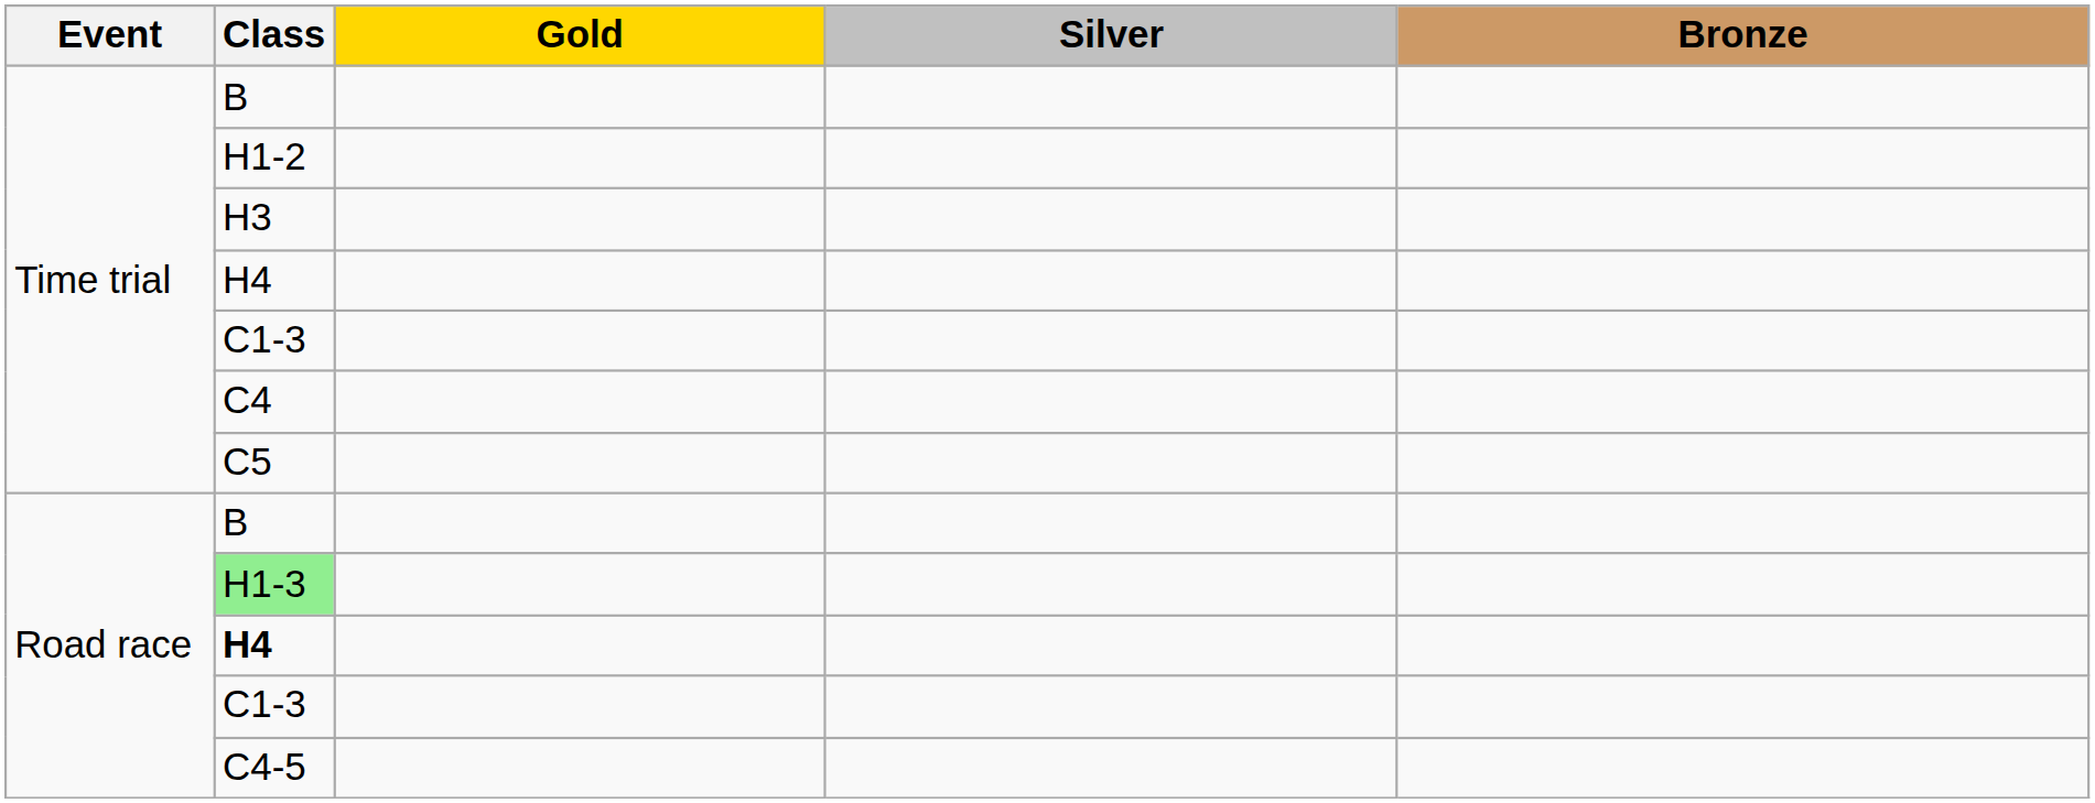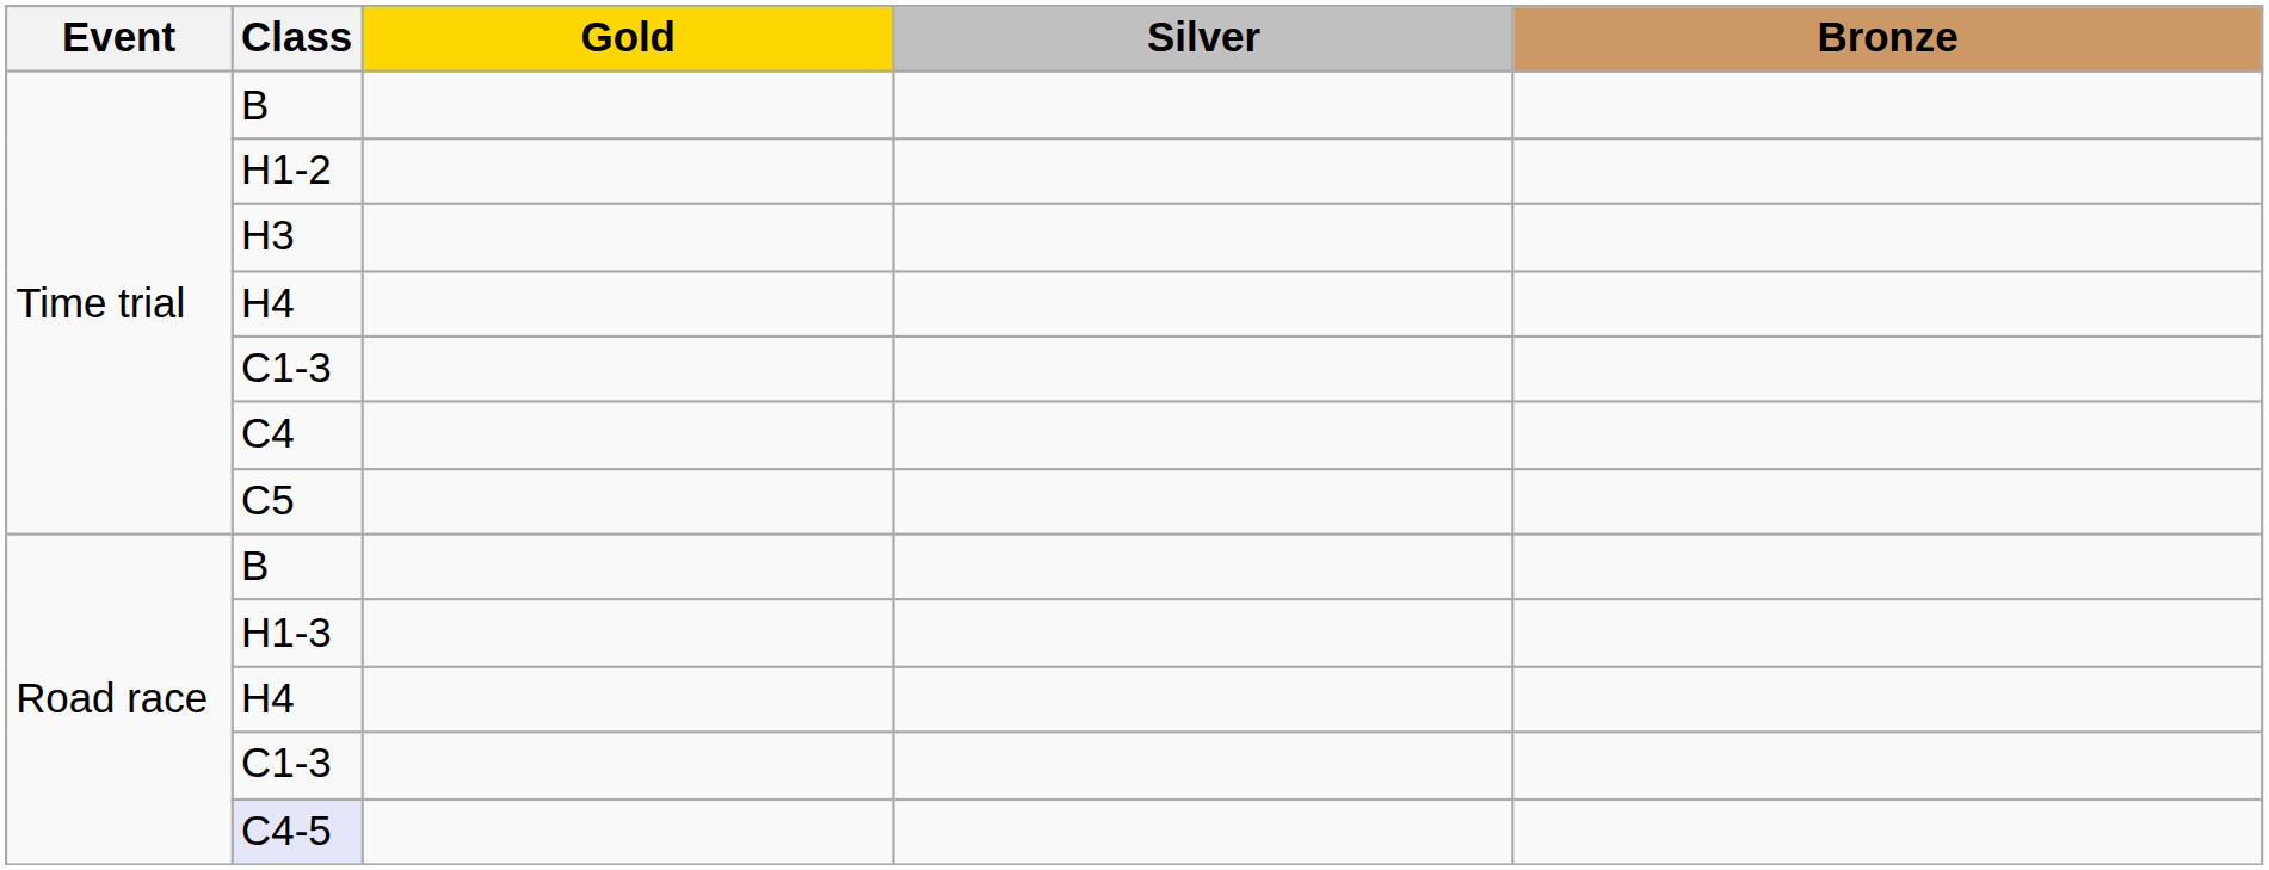 <table class=wikitable style="font-size:100%">
 <tr>
 <th rowspan="1" width="10%">Event</th>
 <th rowspan="1" width="5%">Class</th>
 <th rowspan="1" style="background:gold;">Gold</th>
 <th colspan="1" style="background:silver;">Silver</th>
 <th colspan="1" style="background:#CC9966;">Bronze</th>
 </tr>
 <tr>
 <td rowspan="7">Time trial<br></td>
 <td>B</td>
 <td></td>
 <td></td>
 <td></td>
 </tr>
 <tr>
 <td>H1-2</td>
 <td></td>
 <td></td>
 <td></td>
 </tr>
 <tr>
 <td>H3</td>
 <td></td>
 <td></td>
 <td></td>
 </tr>
 <tr>
 <td>H4</td>
 <td></td>
 <td></td>
 <td></td>
 </tr>
 <tr>
 <td>C1-3</td>
 <td></td>
 <td></td>
 <td></td>
 </tr>
 <tr>
 <td>C4</td>
 <td></td>
 <td></td>
 <td></td>
 </tr>
 <tr>
 <td>C5</td>
 <td></td>
 <td></td>
 <td></td>
 </tr>
 <tr>
 <td rowspan="5">Road race<br></td>
 <td>B</td>
 <td></td>
 <td></td>
 <td></td>
 </tr>
 <tr>
-<td style="background: lightgreen;">H1-3</td>
+<td>H1-3</td>
 <td></td>
 <td></td>
 <td></td>
 </tr>
 <tr>
-<td><strong>H4</strong></td>
+<td>H4</td>
 <td></td>
 <td></td>
 <td></td>
 </tr>
 <tr>
 <td>C1-3</td>
 <td></td>
 <td></td>
 <td></td>
 </tr>
 <tr>
-<td>C4-5</td>
+<td style="background: lavender;">C4-5</td>
 <td></td>
 <td></td>
 <td></td>
 </tr>
 </table>
